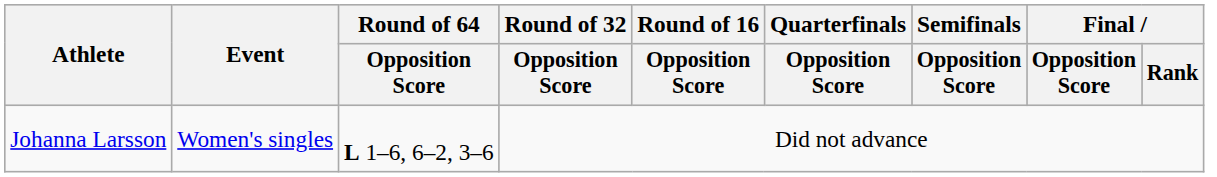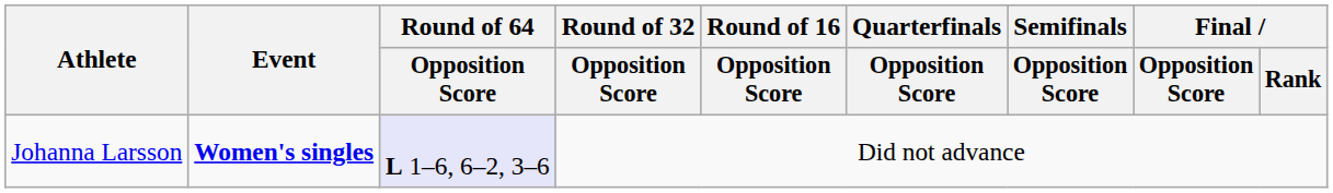 <table class=wikitable style="font-size:90%">
 <tr>
 <th rowspan="2">Athlete</th>
 <th rowspan="2">Event</th>
 <th>Round of 64</th>
 <th>Round of 32</th>
 <th>Round of 16</th>
 <th>Quarterfinals</th>
 <th>Semifinals</th>
 <th colspan=2>Final / </th>
 </tr>
 <tr style="font-size:95%">
 <th>Opposition<br>Score</th>
 <th>Opposition<br>Score</th>
 <th>Opposition<br>Score</th>
 <th>Opposition<br>Score</th>
 <th>Opposition<br>Score</th>
 <th>Opposition<br>Score</th>
 <th>Rank</th>
 </tr>
 <tr align=center>
 <td align=left><a href='#'>Johanna Larsson</a></td>
-<td align=left><a href='#'>Women's singles</a></td>
-<td><br><strong>L</strong> 1–6, 6–2, 3–6</td>
+<td align=left><strong><a href='#'>Women's singles</a></strong></td>
+<td style="background: lavender;"><br><strong>L</strong> 1–6, 6–2, 3–6</td>
 <td colspan=6>Did not advance</td>
 </tr>
 </table>
